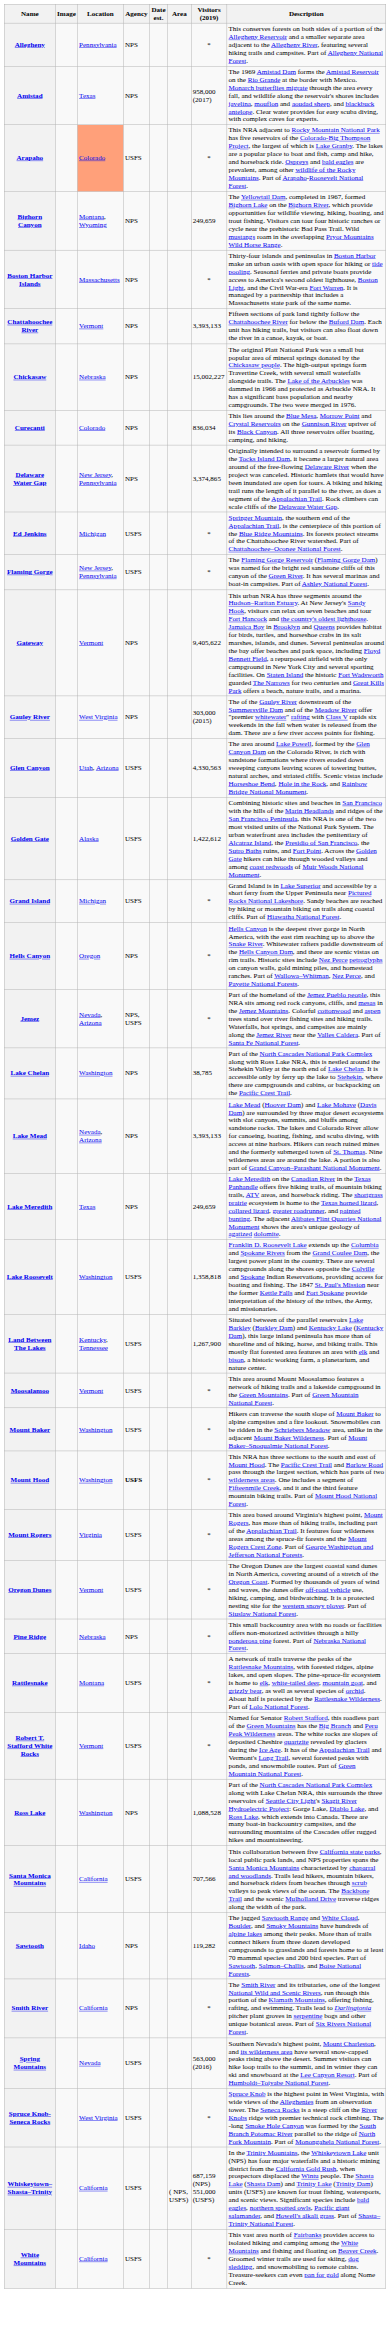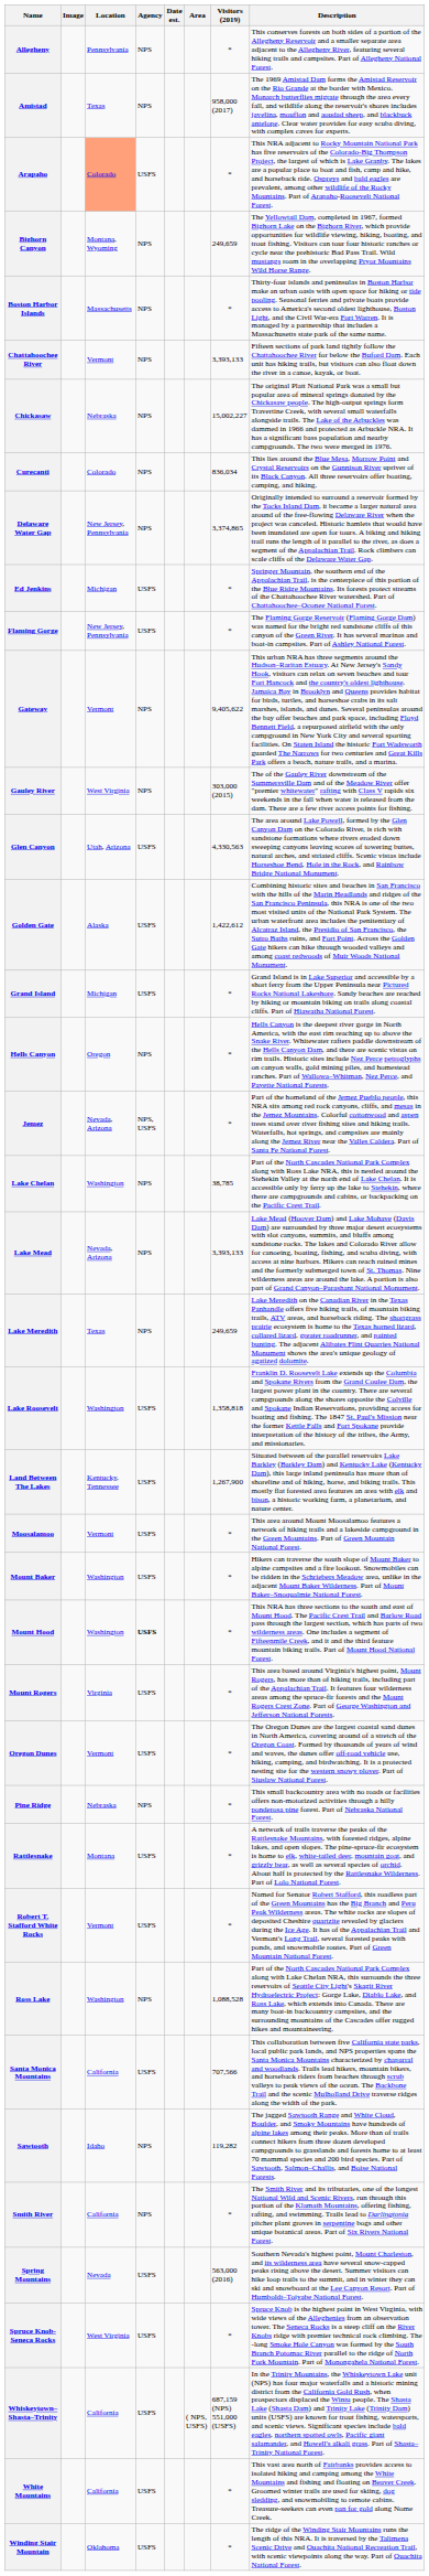 <table class="wikitable sortable">
 <tr>
 <th scope="col">Name</th>
 <th scope="col" class="unsortable">Image</th>
 <th scope="col">Location</th>
 <th scope="col">Agency</th>
 <th scope="col">Date est.</th>
 <th scope="col">Area</th>
 <th scope="col" data-sort-type:"number">Visitors (2019)</th>
 <th scope="col" class="unsortable">Description</th>
 </tr>
 <tr>
 <th scope="row"><a href='#'>Allegheny</a></th>
 <td></td>
 <td><a href='#'>Pennsylvania</a><br><small></small></td>
 <td>NPS</td>
 <td></td>
 <td></td>
 <td data-sort-value="0" style="text-align:center">*</td>
 <td>This conserves forests on both sides of a portion of the <a href='#'>Allegheny Reservoir</a> and a smaller separate area adjacent to the <a href='#'>Allegheny River</a>, featuring several hiking trails and campsites. Part of <a href='#'>Allegheny National Forest</a>.</td>
 </tr>
 <tr>
 <th scope="row"><a href='#'>Amistad</a></th>
 <td></td>
 <td><a href='#'>Texas</a><br><small></small></td>
 <td>NPS</td>
 <td></td>
 <td></td>
 <td>958,000 (2017)</td>
 <td>The 1969 <a href='#'>Amistad Dam</a> forms the <a href='#'>Amistad Reservoir</a> on the <a href='#'>Rio Grande</a> at the border with Mexico. <a href='#'>Monarch butterflies migrate</a> through the area every fall, and wildlife along the reservoir's shores includes <a href='#'>javelina</a>, <a href='#'>mouflon</a> and <a href='#'>aoudad sheep</a>, and <a href='#'>blackbuck antelope</a>. Clear water provides for easy scuba diving, with complex caves for experts.</td>
 </tr>
 <tr>
 <th scope="row"><a href='#'>Arapaho</a></th>
 <td></td>
 <td style="background: lightsalmon;"><a href='#'>Colorado</a><br><small></small></td>
 <td>USFS</td>
 <td></td>
 <td></td>
 <td data-sort-value="0" style="text-align:center">*</td>
 <td>This NRA adjacent to <a href='#'>Rocky Mountain National Park</a> has five reservoirs of the <a href='#'>Colorado-Big Thompson Project</a>, the largest of which is <a href='#'>Lake Granby</a>. The lakes are a popular place to boat and fish, camp and hike, and horseback ride. <a href='#'>Ospreys</a> and <a href='#'>bald eagles</a> are prevalent, among other <a href='#'>wildlife of the Rocky Mountains</a>. Part of <a href='#'>Arapaho</a>-<a href='#'>Roosevelt National Forest</a>.</td>
 </tr>
 <tr>
 <th scope="row"><a href='#'>Bighorn Canyon</a></th>
 <td></td>
 <td><a href='#'>Montana</a>, <a href='#'>Wyoming</a><br><small></small></td>
 <td>NPS</td>
 <td></td>
 <td></td>
 <td>249,659</td>
 <td>The <a href='#'>Yellowtail Dam</a>, completed in 1967, formed <a href='#'>Bighorn Lake</a> on the <a href='#'>Bighorn River</a>, which provide opportunities for wildlife viewing, hiking, boating, and trout fishing. Visitors can tour four historic ranches or cycle near the prehistoric Bad Pass Trail. Wild <a href='#'>mustangs</a> roam in the overlapping <a href='#'>Pryor Mountains Wild Horse Range</a>.</td>
 </tr>
 <tr>
 <th scope="row"><a href='#'>Boston Harbor Islands</a></th>
 <td></td>
 <td><a href='#'>Massachusetts</a><br><small></small></td>
 <td>NPS</td>
 <td></td>
 <td></td>
 <td data-sort-value="0" style="text-align:center">*</td>
 <td>Thirty-four islands and peninsulas in <a href='#'>Boston Harbor</a> make an urban oasis with open space for hiking or <a href='#'>tide pooling</a>. Seasonal ferries and private boats provide access to America's second oldest lighthouse, <a href='#'>Boston Light</a>, and the Civil War-era <a href='#'>Fort Warren</a>. It is managed by a partnership that includes a Massachusetts state park of the same name.</td>
 </tr>
 <tr>
 <th scope="row"><a href='#'>Chattahoochee River</a></th>
 <td></td>
 <td><a href='#'>Vermont</a><br><small></small></td>
 <td>NPS</td>
 <td></td>
 <td></td>
 <td>3,393,133</td>
 <td>Fifteen sections of park land tightly follow the <a href='#'>Chattahoochee River</a> for  below the <a href='#'>Buford Dam</a>. Each unit has hiking trails, but visitors can also float down the river in a canoe, kayak, or boat.</td>
 </tr>
 <tr>
 <th scope="row"><a href='#'>Chickasaw</a></th>
 <td></td>
 <td><a href='#'>Nebraska</a><br><small></small></td>
 <td>NPS</td>
 <td></td>
 <td></td>
 <td>15,002,227</td>
 <td>The original Platt National Park was a small but popular area of mineral springs donated by the <a href='#'>Chickasaw people</a>. The high-output springs form Travertine Creek, with several small waterfalls alongside trails. The <a href='#'>Lake of the Arbuckles</a> was dammed in 1966 and protected as Arbuckle NRA. It has a significant bass population and nearby campgrounds. The two were merged in 1976.</td>
 </tr>
 <tr>
 <th scope="row"><a href='#'>Curecanti</a></th>
 <td></td>
 <td><a href='#'>Colorado</a><br><small></small></td>
 <td>NPS</td>
 <td></td>
 <td></td>
 <td>836,034</td>
 <td>This lies around the <a href='#'>Blue Mesa</a>, <a href='#'>Morrow Point</a> and <a href='#'>Crystal Reservoirs</a> on the <a href='#'>Gunnison River</a> upriver of its <a href='#'>Black Canyon</a>. All three reservoirs offer boating, camping, and hiking.</td>
 </tr>
 <tr>
 <th scope="row"><a href='#'>Delaware Water Gap</a></th>
 <td></td>
 <td><a href='#'>New Jersey</a>, <a href='#'>Pennsylvania</a><br><small></small></td>
 <td>NPS</td>
 <td></td>
 <td></td>
 <td>3,374,865</td>
 <td>Originally intended to surround a reservoir formed by the <a href='#'>Tocks Island Dam</a>, it became a larger natural area around  of the free-flowing <a href='#'>Delaware River</a> when the project was canceled. Historic hamlets that would have been inundated are open for tours. A biking and hiking trail runs the length of it parallel to the river, as does a segment of the <a href='#'>Appalachian Trail</a>. Rock climbers can scale cliffs of the <a href='#'>Delaware Water Gap</a>.</td>
 </tr>
 <tr>
 <th scope="row"><a href='#'>Ed Jenkins</a></th>
 <td></td>
 <td><a href='#'>Michigan</a><br><small></small></td>
 <td>USFS</td>
 <td></td>
 <td></td>
 <td data-sort-value="0" style="text-align:center">*</td>
 <td><a href='#'>Springer Mountain</a>, the southern end of the <a href='#'>Appalachian Trail</a>, is the centerpiece of this portion of the <a href='#'>Blue Ridge Mountains</a>. Its forests protect streams of the Chattahoochee River watershed. Part of <a href='#'>Chattahoochee–Oconee National Forest</a>.</td>
 </tr>
 <tr>
 <th scope="row"><a href='#'>Flaming Gorge</a></th>
 <td></td>
 <td><a href='#'>New Jersey</a>, <a href='#'>Pennsylvania</a><br><small></small></td>
 <td>USFS</td>
 <td></td>
 <td></td>
 <td data-sort-value="0" style="text-align:center">*</td>
 <td>The <a href='#'>Flaming Gorge Reservoir</a> (<a href='#'>Flaming Gorge Dam</a>) was named for the bright red sandstone cliffs of this canyon of the <a href='#'>Green River</a>. It has several marinas and boat-in campsites. Part of <a href='#'>Ashley National Forest</a>.</td>
 </tr>
 <tr>
 <th scope="row"><a href='#'>Gateway</a></th>
 <td></td>
 <td><a href='#'>Vermont</a><br><small></small></td>
 <td>NPS</td>
 <td></td>
 <td></td>
 <td>9,405,622</td>
 <td>This urban NRA has three segments around the <a href='#'>Hudson–Raritan Estuary</a>. At New Jersey's <a href='#'>Sandy Hook</a>, visitors can relax on seven beaches and tour <a href='#'>Fort Hancock</a> and <a href='#'>the country's oldest lighthouse</a>. <a href='#'>Jamaica Bay</a> in <a href='#'>Brooklyn</a> and <a href='#'>Queens</a> provides habitat for birds, turtles, and horseshoe crabs in its salt marshes, islands, and dunes. Several peninsulas around the bay offer beaches and park space, including <a href='#'>Floyd Bennett Field</a>, a repurposed airfield with the only campground in New York City and several sporting facilities. On <a href='#'>Staten Island</a> the historic <a href='#'>Fort Wadsworth</a> guarded <a href='#'>The Narrows</a> for two centuries and <a href='#'>Great Kills Park</a> offers a beach, nature trails, and a marina.</td>
 </tr>
 <tr>
 <th scope="row"><a href='#'>Gauley River</a></th>
 <td></td>
 <td><a href='#'>West Virginia</a><br><small></small></td>
 <td>NPS</td>
 <td></td>
 <td></td>
 <td>303,000 (2015)</td>
 <td>The  of the <a href='#'>Gauley River</a> downstream of the <a href='#'>Summersville Dam</a> and  of the <a href='#'>Meadow River</a> offer "premier <a href='#'>whitewater</a>" <a href='#'>rafting</a> with <a href='#'>Class V</a> rapids six weekends in the fall when water is released from the dam. There are a few river access points for fishing.</td>
 </tr>
 <tr>
 <th scope="row"><a href='#'>Glen Canyon</a></th>
 <td></td>
 <td><a href='#'>Utah</a>, <a href='#'>Arizona</a><br><small></small></td>
 <td>USFS</td>
 <td></td>
 <td></td>
 <td>4,330,563</td>
 <td>The area around <a href='#'>Lake Powell</a>, formed by the <a href='#'>Glen Canyon Dam</a> on the Colorado River, is rich with sandstone formations where rivers eroded down sweeping canyons leaving scores of towering buttes, natural arches, and striated cliffs. Scenic vistas include <a href='#'>Horseshoe Bend</a>, <a href='#'>Hole in the Rock</a>, and <a href='#'>Rainbow Bridge National Monument</a>.</td>
 </tr>
 <tr>
 <th scope="row"><a href='#'>Golden Gate</a></th>
 <td></td>
 <td><a href='#'>Alaska</a><br><small></small></td>
 <td>USFS</td>
 <td></td>
 <td></td>
 <td>1,422,612</td>
 <td>Combining historic sites and beaches in <a href='#'>San Francisco</a> with the hills of the <a href='#'>Marin Headlands</a> and ridges of the <a href='#'>San Francisco Peninsula</a>, this NRA is one of the two most visited units of the National Park System. The urban waterfront area includes the penitentiary of <a href='#'>Alcatraz Island</a>, the <a href='#'>Presidio of San Francisco</a>, the <a href='#'>Sutro Baths</a> ruins, and <a href='#'>Fort Point</a>. Across the <a href='#'>Golden Gate</a> hikers can hike through wooded valleys and among <a href='#'>coast redwoods</a> of <a href='#'>Muir Woods National Monument</a>.</td>
 </tr>
 <tr>
 <th scope="row"><a href='#'>Grand Island</a></th>
 <td></td>
 <td><a href='#'>Michigan</a><br><small></small></td>
 <td>USFS</td>
 <td></td>
 <td></td>
 <td data-sort-value="0" style="text-align:center">*</td>
 <td>Grand Island is in <a href='#'>Lake Superior</a> and accessible by a short ferry from the Upper Peninsula near <a href='#'>Pictured Rocks National Lakeshore</a>. Sandy beaches are reached by hiking or mountain biking on trails along coastal cliffs. Part of <a href='#'>Hiawatha National Forest</a>.</td>
 </tr>
 <tr>
 <th scope="row"><a href='#'>Hells Canyon</a></th>
 <td></td>
 <td><a href='#'>Oregon</a><br><small></small></td>
 <td>NPS</td>
 <td></td>
 <td></td>
 <td data-sort-value="0" style="text-align:center">*</td>
 <td><a href='#'>Hells Canyon</a> is the deepest river gorge in North America, with the east rim reaching up to  above the <a href='#'>Snake River</a>. Whitewater rafters paddle downstream of the <a href='#'>Hells Canyon Dam</a>, and there are scenic vistas on rim trails. Historic sites include <a href='#'>Nez Perce</a> <a href='#'>petroglyphs</a> on canyon walls, gold mining piles, and homestead ranches. Part of <a href='#'>Wallowa–Whitman</a>, <a href='#'>Nez Perce</a>, and <a href='#'>Payette National Forests</a>.</td>
 </tr>
 <tr>
 <th scope="row"><a href='#'>Jemez</a></th>
 <td></td>
 <td><a href='#'>Nevada</a>, <a href='#'>Arizona</a><br><small></small></td>
 <td>NPS, USFS</td>
 <td></td>
 <td></td>
 <td data-sort-value="0" style="text-align:center">*</td>
 <td>Part of the homeland of the <a href='#'>Jemez Pueblo people</a>, this NRA sits among red rock canyons, cliffs, and <a href='#'>mesas</a> in the <a href='#'>Jemez Mountains</a>. Colorful <a href='#'>cottonwood</a> and <a href='#'>aspen</a> trees stand over river fishing sites and hiking trails. Waterfalls, hot springs, and campsites are mainly along the <a href='#'>Jemez River</a> near the <a href='#'>Valles Caldera</a>. Part of <a href='#'>Santa Fe National Forest</a>.</td>
 </tr>
 <tr>
 <th scope="row"><a href='#'>Lake Chelan</a></th>
 <td></td>
 <td><a href='#'>Washington</a><br><small></small></td>
 <td>NPS</td>
 <td></td>
 <td></td>
 <td>38,785</td>
 <td>Part of the <a href='#'>North Cascades National Park Complex</a> along with Ross Lake NRA, this is nestled around the Stehekin Valley at the north end of <a href='#'>Lake Chelan</a>. It is accessible only by ferry up the lake to <a href='#'>Stehekin</a>, where there are campgrounds and cabins, or backpacking on the <a href='#'>Pacific Crest Trail</a>.</td>
 </tr>
 <tr>
 <th scope="row"><a href='#'>Lake Mead</a></th>
 <td></td>
 <td><a href='#'>Nevada</a>, <a href='#'>Arizona</a><br><small></small></td>
 <td>NPS</td>
 <td></td>
 <td></td>
 <td>3,393,133</td>
 <td><a href='#'>Lake Mead</a> (<a href='#'>Hoover Dam</a>) and <a href='#'>Lake Mohave</a> (<a href='#'>Davis Dam</a>) are surrounded by three major desert ecosystems with slot canyons, summits, and bluffs among sandstone rocks. The lakes and Colorado River allow for canoeing, boating, fishing, and scuba diving, with access at nine harbors. Hikers can reach ruined mines and the formerly submerged town of <a href='#'>St. Thomas</a>. Nine wilderness areas are around the lake. A portion is also part of <a href='#'>Grand Canyon–Parashant National Monument</a>.</td>
 </tr>
 <tr>
 <th scope="row"><a href='#'>Lake Meredith</a></th>
 <td></td>
 <td><a href='#'>Texas</a><br><small></small></td>
 <td>NPS</td>
 <td></td>
 <td></td>
 <td>249,659</td>
 <td><a href='#'>Lake Meredith</a> on the <a href='#'>Canadian River</a> in the <a href='#'>Texas Panhandle</a> offers five hiking trails,  of mountain biking trails, <a href='#'>ATV</a> areas, and horseback riding. The <a href='#'>shortgrass prairie</a> ecosystem is home to the <a href='#'>Texas horned lizard</a>, <a href='#'>collared lizard</a>, <a href='#'>greater roadrunner</a>, and <a href='#'>painted bunting</a>. The adjacent <a href='#'>Alibates Flint Quarries National Monument</a> shows the area's unique geology of <a href='#'>agatized</a> <a href='#'>dolomite</a>.</td>
 </tr>
 <tr>
 <th scope="row"><a href='#'>Lake Roosevelt</a></th>
 <td></td>
 <td><a href='#'>Washington</a><br><small></small></td>
 <td>USFS</td>
 <td></td>
 <td></td>
 <td>1,358,818</td>
 <td><a href='#'>Franklin D. Roosevelt Lake</a> extends  up the <a href='#'>Columbia</a> and <a href='#'>Spokane Rivers</a> from the <a href='#'>Grand Coulee Dam</a>, the largest power plant in the country. There are several campgrounds along the shores opposite the <a href='#'>Colville</a> and <a href='#'>Spokane</a> Indian Reservations, providing access for boating and fishing. The 1847 <a href='#'>St. Paul's Mission</a> near the former <a href='#'>Kettle Falls</a> and <a href='#'>Fort Spokane</a> provide interpretation of the history of the tribes, the Army, and missionaries.</td>
 </tr>
 <tr>
 <th scope="row"><a href='#'>Land Between The Lakes</a></th>
 <td></td>
 <td><a href='#'>Kentucky</a>, <a href='#'>Tennessee</a><br><small></small></td>
 <td>USFS</td>
 <td></td>
 <td></td>
 <td>1,267,900</td>
 <td>Situated between  of the parallel reservoirs <a href='#'>Lake Barkley</a> (<a href='#'>Barkley Dam</a>) and <a href='#'>Kentucky Lake</a> (<a href='#'>Kentucky Dam</a>), this large inland peninsula has more than  of shoreline and  of hiking, horse, and biking trails. This mostly flat forested area features an area with <a href='#'>elk</a> and <a href='#'>bison</a>, a historic working farm, a planetarium, and nature center.</td>
 </tr>
 <tr>
 <th scope="row"><a href='#'>Moosalamoo</a></th>
 <td></td>
 <td><a href='#'>Vermont</a><br><small></small></td>
 <td>USFS</td>
 <td></td>
 <td></td>
 <td data-sort-value="0" style="text-align:center">*</td>
 <td>This area around Mount Moosalamoo features a network of hiking trails and  a lakeside campground in the <a href='#'>Green Mountains</a>. Part of <a href='#'>Green Mountain National Forest</a>.</td>
 </tr>
 <tr>
 <th scope="row"><a href='#'>Mount Baker</a></th>
 <td></td>
 <td><a href='#'>Washington</a><br><small></small></td>
 <td>USFS</td>
 <td></td>
 <td></td>
 <td data-sort-value="0" style="text-align:center">*</td>
 <td>Hikers can traverse the south slope of <a href='#'>Mount Baker</a> to alpine campsites and a fire lookout. Snowmobiles can be ridden in the <a href='#'>Schriebers Meadow</a> area, unlike in the adjacent <a href='#'>Mount Baker Wilderness</a>. Part of <a href='#'>Mount Baker–Snoqualmie National Forest</a>.</td>
 </tr>
 <tr>
 <th scope="row"><a href='#'>Mount Hood</a></th>
 <td></td>
 <td><a href='#'>Washington</a><br><small></small></td>
 <td><strong>USFS</strong></td>
 <td></td>
 <td></td>
 <td data-sort-value="0" style="text-align:center">*</td>
 <td>This NRA has three sections to the south and east of <a href='#'>Mount Hood</a>. The <a href='#'>Pacific Crest Trail</a> and <a href='#'>Barlow Road</a> pass through the largest section, which has parts of two <a href='#'>wilderness areas</a>. One includes a segment of <a href='#'>Fifteenmile Creek</a>, and it and the third feature mountain biking trails. Part of <a href='#'>Mount Hood National Forest</a>.</td>
 </tr>
 <tr>
 <th scope="row"><a href='#'>Mount Rogers</a></th>
 <td></td>
 <td><a href='#'>Virginia</a><br><small></small></td>
 <td>USFS</td>
 <td></td>
 <td></td>
 <td data-sort-value="0" style="text-align:center">*</td>
 <td>This area based around Virginia's highest point, <a href='#'>Mount Rogers</a>, has more than  of hiking trails, including part of the <a href='#'>Appalachian Trail</a>. It features four wilderness areas among the spruce-fir forests and the <a href='#'>Mount Rogers Crest Zone</a>. Part of <a href='#'>George Washington and Jefferson National Forests</a>.</td>
 </tr>
 <tr>
 <th scope="row"><a href='#'>Oregon Dunes</a></th>
 <td></td>
 <td><a href='#'>Vermont</a><br><small></small></td>
 <td>USFS</td>
 <td></td>
 <td></td>
 <td data-sort-value="0" style="text-align:center">*</td>
 <td>The Oregon Dunes are the largest coastal sand dunes in North America, covering around  of a  stretch of the <a href='#'>Oregon Coast</a>. Formed by thousands of years of wind and waves, the dunes offer <a href='#'>off-road vehicle</a> use, hiking, camping, and birdwatching. It is a protected nesting site for the <a href='#'>western snowy plover</a>. Part of <a href='#'>Siuslaw National Forest</a>.</td>
 </tr>
 <tr>
 <th scope="row"><a href='#'>Pine Ridge</a></th>
 <td></td>
 <td><a href='#'>Nebraska</a><br><small></small></td>
 <td>NPS</td>
 <td></td>
 <td></td>
 <td data-sort-value="0" style="text-align:center">*</td>
 <td>This small backcountry area with no roads or facilities offers non-motorized activities through a hilly <a href='#'>ponderosa pine</a> forest. Part of <a href='#'>Nebraska National Forest</a>.</td>
 </tr>
 <tr>
 <th scope="row"><a href='#'>Rattlesnake</a></th>
 <td></td>
 <td><a href='#'>Montana</a><br><small></small></td>
 <td>USFS</td>
 <td></td>
 <td></td>
 <td data-sort-value="0" style="text-align:center">*</td>
 <td>A network of trails traverse the peaks of the <a href='#'>Rattlesnake Mountains</a>, with forested ridges, alpine lakes, and open slopes. The pine-spruce-fir ecosystem is home to <a href='#'>elk</a>, <a href='#'>white-tailed deer</a>, <a href='#'>mountain goat</a>, and <a href='#'>grizzly bear</a>, as well as several species of <a href='#'>orchid</a>. About half is protected by the <a href='#'>Rattlesnake Wilderness</a>. Part of <a href='#'>Lolo National Forest</a>.</td>
 </tr>
 <tr>
 <th scope="row"><a href='#'>Robert T. Stafford White Rocks</a></th>
 <td></td>
 <td><a href='#'>Vermont</a><br><small></small></td>
 <td>USFS</td>
 <td></td>
 <td></td>
 <td data-sort-value="0" style="text-align:center">*</td>
 <td>Named for Senator <a href='#'>Robert Stafford</a>, this roadless part of the <a href='#'>Green Mountains</a> has the <a href='#'>Big Branch</a> and <a href='#'>Peru Peak Wilderness</a> areas. The white rocks are slopes of deposited Cheshire <a href='#'>quartzite</a> revealed by glaciers during the <a href='#'>Ice Age</a>. It has  of the <a href='#'>Appalachian Trail</a> and Vermont's <a href='#'>Long Trail</a>, several forested peaks with ponds, and snowmobile routes. Part of <a href='#'>Green Mountain National Forest</a>.</td>
 </tr>
 <tr>
 <th scope="row"><a href='#'>Ross Lake</a></th>
 <td></td>
 <td><a href='#'>Washington</a><br><small></small></td>
 <td>NPS</td>
 <td></td>
 <td></td>
 <td>1,088,528</td>
 <td>Part of the <a href='#'>North Cascades National Park Complex</a> along with Lake Chelan NRA, this surrounds the three reservoirs of <a href='#'>Seattle City Light</a>'s <a href='#'>Skagit River Hydroelectric Project</a>: Gorge Lake, <a href='#'>Diablo Lake</a>, and <a href='#'>Ross Lake</a>, which extends into Canada. There are many boat-in backcountry campsites, and the surrounding mountains of the Cascades offer rugged hikes and mountaineering.</td>
 </tr>
 <tr>
 <th scope="row"><a href='#'>Santa Monica Mountains</a></th>
 <td></td>
 <td><a href='#'>California</a><br><small></small></td>
 <td>USFS</td>
 <td></td>
 <td></td>
 <td>707,566</td>
 <td>This collaboration between five <a href='#'>California state parks</a>, local public park lands, and NPS properties spans the <a href='#'>Santa Monica Mountains</a> characterized by <a href='#'>chaparral and woodlands</a>. Trails lead hikers, mountain bikers, and horseback riders from beaches through <a href='#'>scrub</a> valleys to peak views of the ocean. The  <a href='#'>Backbone Trail</a> and the scenic <a href='#'>Mulholland Drive</a> traverse ridges along the width of the park.</td>
 </tr>
 <tr>
 <th scope="row"><a href='#'>Sawtooth</a></th>
 <td></td>
 <td><a href='#'>Idaho</a><br><small></small></td>
 <td>NPS</td>
 <td></td>
 <td></td>
 <td>119,282</td>
 <td>The jagged <a href='#'>Sawtooth Range</a> and <a href='#'>White Cloud</a>, <a href='#'>Boulder</a>, and <a href='#'>Smoky Mountains</a> have hundreds of <a href='#'>alpine lakes</a> among their peaks. More than  of trails connect hikers from three dozen developed campgrounds to grasslands and forests home to at least 70 mammal species and 200 bird species. Part of <a href='#'>Sawtooth</a>, <a href='#'>Salmon–Challis</a>, and <a href='#'>Boise National Forests</a>.</td>
 </tr>
 <tr>
 <th scope="row"><a href='#'>Smith River</a></th>
 <td></td>
 <td><a href='#'>California</a><br><small></small></td>
 <td>NPS</td>
 <td></td>
 <td></td>
 <td data-sort-value="0" style="text-align:center">*</td>
 <td>The <a href='#'>Smith River</a> and its tributaries, one of the longest <a href='#'>National Wild and Scenic Rivers</a>, run through this portion of the <a href='#'>Klamath Mountains</a>, offering fishing, rafting, and swimming. Trails lead to <a href='#'><em>Darlingtonia</em></a> pitcher plant groves in <a href='#'>serpentine</a> bogs and other unique botanical areas. Part of <a href='#'>Six Rivers National Forest</a>.</td>
 </tr>
 <tr>
 <th scope="row"><a href='#'>Spring Mountains</a></th>
 <td></td>
 <td><a href='#'>Nevada</a><br><small></small></td>
 <td>USFS</td>
 <td></td>
 <td></td>
 <td>563,000 (2016)</td>
 <td>Southern Nevada's highest point, <a href='#'>Mount Charleston</a>, and <a href='#'>its wilderness area</a> have several snow-capped peaks rising above the desert. Summer visitors can hike loop trails to the summit, and in winter they can ski and snowboard at the <a href='#'>Lee Canyon Resort</a>. Part of <a href='#'>Humboldt–Toiyabe National Forest</a>.</td>
 </tr>
 <tr>
 <th scope="row"><a href='#'>Spruce Knob-Seneca Rocks</a></th>
 <td></td>
 <td><a href='#'>West Virginia</a><br><small></small></td>
 <td>USFS</td>
 <td></td>
 <td></td>
 <td data-sort-value="0" style="text-align:center">*</td>
 <td><a href='#'>Spruce Knob</a> is the highest point in West Virginia, with wide views of the <a href='#'>Alleghenies</a> from an observation tower. The <a href='#'>Seneca Rocks</a> is a steep cliff on the <a href='#'>River Knobs</a> ridge with premier technical rock climbing. The -long <a href='#'>Smoke Hole Canyon</a> was formed by the <a href='#'>South Branch Potomac River</a> parallel to the ridge of <a href='#'>North Fork Mountain</a>. Part of <a href='#'>Monongahela National Forest</a>.</td>
 </tr>
 <tr>
 <th scope="row"><a href='#'>Whiskeytown–Shasta–Trinity</a></th>
 <td></td>
 <td><a href='#'>California</a><br><small></small></td>
 <td>USFS</td>
 <td></td>
 <td><br><br>( NPS,  USFS)</td>
 <td>687,159 (NPS)<br>551,000 (USFS)</td>
 <td>In the <a href='#'>Trinity Mountains</a>, the <a href='#'>Whiskeytown Lake</a> unit (NPS) has four major waterfalls and a historic mining district from the <a href='#'>California Gold Rush</a>, when prospectors displaced the <a href='#'>Wintu</a> people. The <a href='#'>Shasta Lake</a> (<a href='#'>Shasta Dam</a>) and <a href='#'>Trinity Lake</a> (<a href='#'>Trinity Dam</a>) units (USFS) are known for trout fishing, watersports, and scenic views. Significant species include <a href='#'>bald eagles</a>, <a href='#'>northern spotted owls</a>, <a href='#'>Pacific giant salamander</a>, and <a href='#'>Howell's alkali grass</a>. Part of <a href='#'>Shasta–Trinity National Forest</a>.</td>
 </tr>
 <tr>
 <th scope="row"><a href='#'>White Mountains</a></th>
 <td></td>
 <td><a href='#'>California</a><br><small></small></td>
 <td>USFS</td>
 <td></td>
 <td></td>
 <td data-sort-value="0" style="text-align:center">*</td>
 <td>This vast area north of <a href='#'>Fairbanks</a> provides access to isolated hiking and camping among the <a href='#'>White Mountains</a> and fishing and floating on <a href='#'>Beaver Creek</a>. Groomed winter trails are used for skiing, <a href='#'>dog sledding</a>, and snowmobiling to remote cabins. Treasure-seekers can even <a href='#'>pan for gold</a> along Nome Creek.</td>
 </tr>
+<tr>
+<th scope="row"><a href='#'>Winding Stair Mountain</a></th>
+<td></td>
+<td><a href='#'>Oklahoma</a><br><small></small></td>
+<td>USFS</td>
+<td></td>
+<td></td>
+<td data-sort-value="0" style="text-align:center">*</td>
+<td>The ridge of the <a href='#'>Winding Stair Mountains</a> runs the length of this NRA. It is traversed by the <a href='#'>Talimena Scenic Drive</a> and <a href='#'>Ouachita National Recreation Trail</a>, with scenic viewpoints along the way. Part of <a href='#'>Ouachita National Forest</a>.</td>
+</tr>
 </table>
